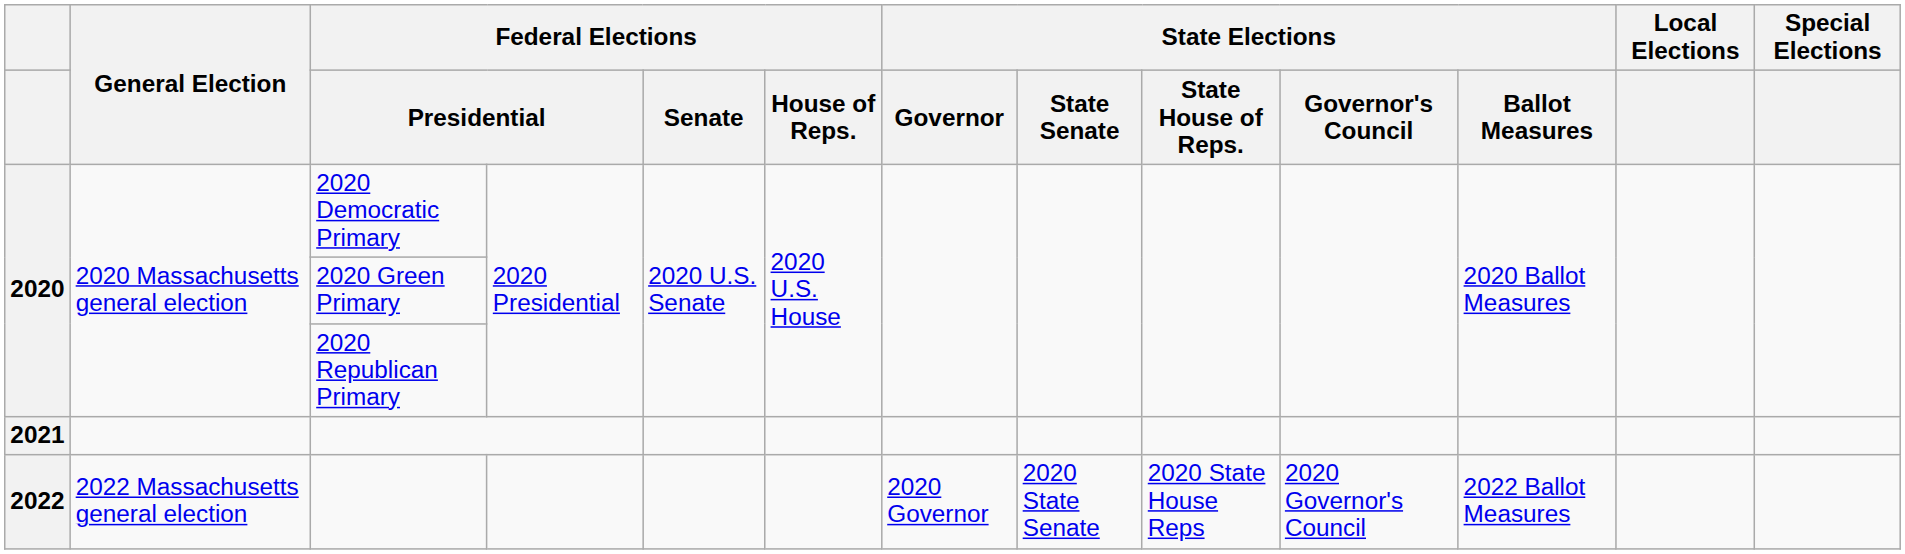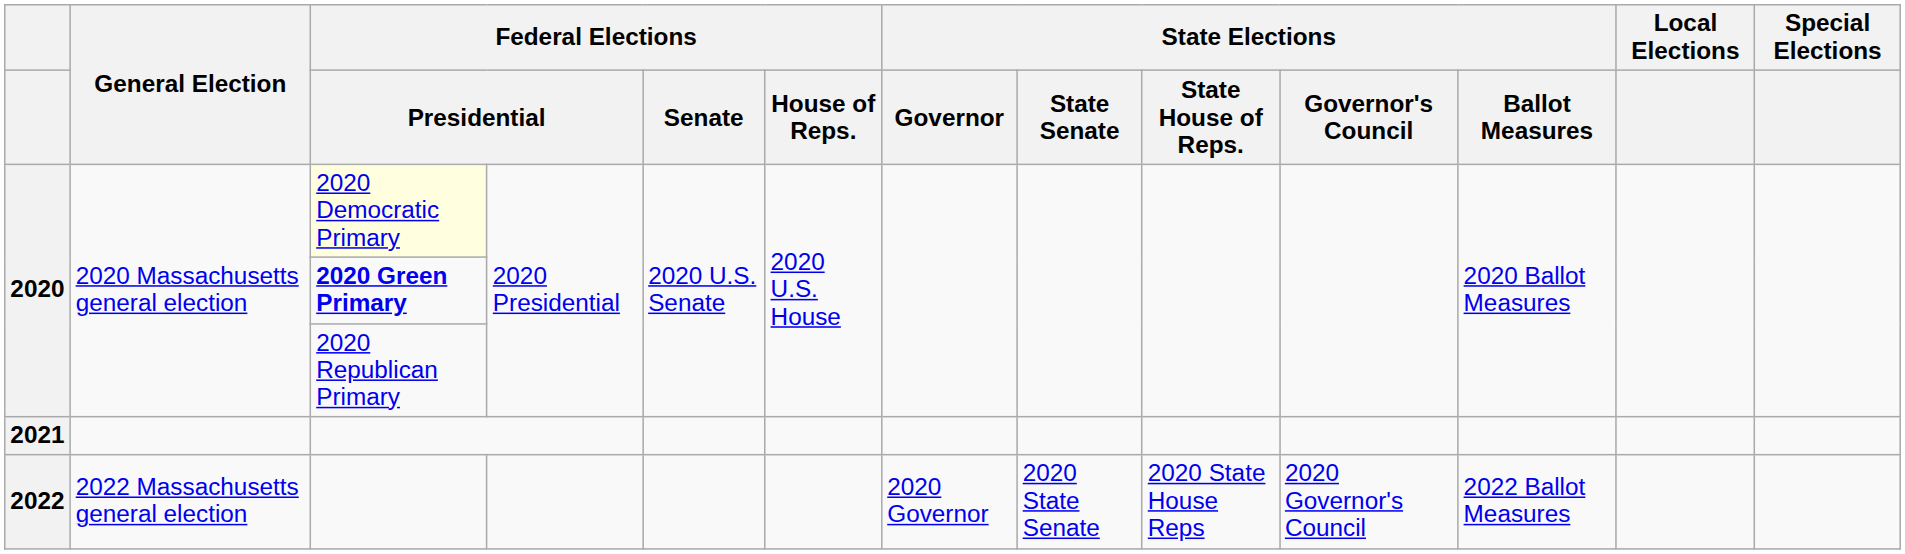 <table class="wikitable">
 <tr>
 <th></th>
 <th rowspan="2">General Election</th>
 <th colspan="4">Federal Elections</th>
 <th colspan="5">State Elections</th>
 <th>Local Elections</th>
 <th>Special Elections</th>
 </tr>
 <tr>
 <th></th>
 <th colspan="2">Presidential</th>
 <th>Senate</th>
 <th>House of Reps.</th>
 <th>Governor</th>
 <th>State Senate</th>
 <th>State House of Reps.</th>
 <th>Governor's Council</th>
 <th>Ballot Measures</th>
 <th></th>
 <th></th>
 </tr>
 <tr>
 <th rowspan="3">2020</th>
 <td rowspan="3"><a href='#'>2020 Massachusetts general election</a></td>
-<td><a href='#'>2020 Democratic Primary</a></td>
+<td style="background: lightyellow;"><a href='#'>2020 Democratic Primary</a></td>
 <td rowspan="3"><a href='#'>2020 Presidential</a></td>
 <td rowspan="3"><a href='#'>2020 U.S. Senate</a></td>
 <td rowspan="3"><a href='#'>2020 U.S. House</a></td>
 <td rowspan="3"></td>
 <td rowspan="3"></td>
 <td rowspan="3"></td>
 <td rowspan="3"></td>
 <td rowspan="3"><a href='#'>2020 Ballot Measures</a></td>
 <td rowspan="3"></td>
 <td rowspan="3"></td>
 </tr>
 <tr>
-<td><a href='#'>2020 Green Primary</a></td>
+<td><strong><a href='#'>2020 Green Primary</a></strong></td>
 </tr>
 <tr>
 <td><a href='#'>2020 Republican Primary</a></td>
 </tr>
 <tr>
 <th>2021</th>
 <td></td>
 <td colspan="2"></td>
 <td></td>
 <td></td>
 <td></td>
 <td></td>
 <td></td>
 <td></td>
 <td></td>
 <td></td>
 <td></td>
 </tr>
 <tr>
 <th>2022</th>
 <td><a href='#'>2022 Massachusetts general election</a></td>
 <td></td>
 <td></td>
 <td></td>
 <td></td>
 <td><a href='#'>2020 Governor</a></td>
 <td><a href='#'>2020 State Senate</a></td>
 <td><a href='#'>2020 State House Reps</a></td>
 <td><a href='#'>2020 Governor's Council</a></td>
 <td><a href='#'>2022 Ballot Measures</a></td>
 <td></td>
 <td></td>
 </tr>
 </table>
